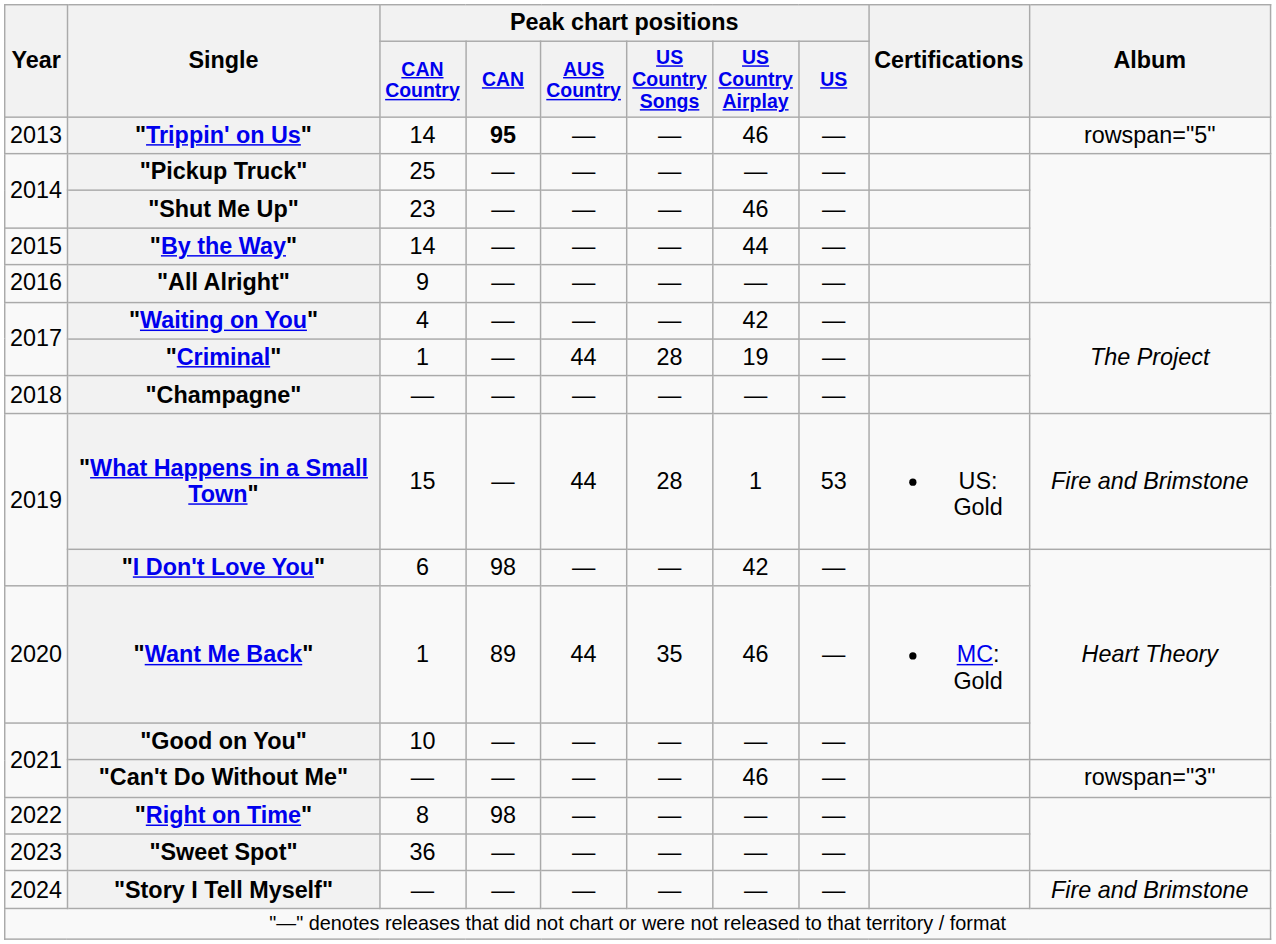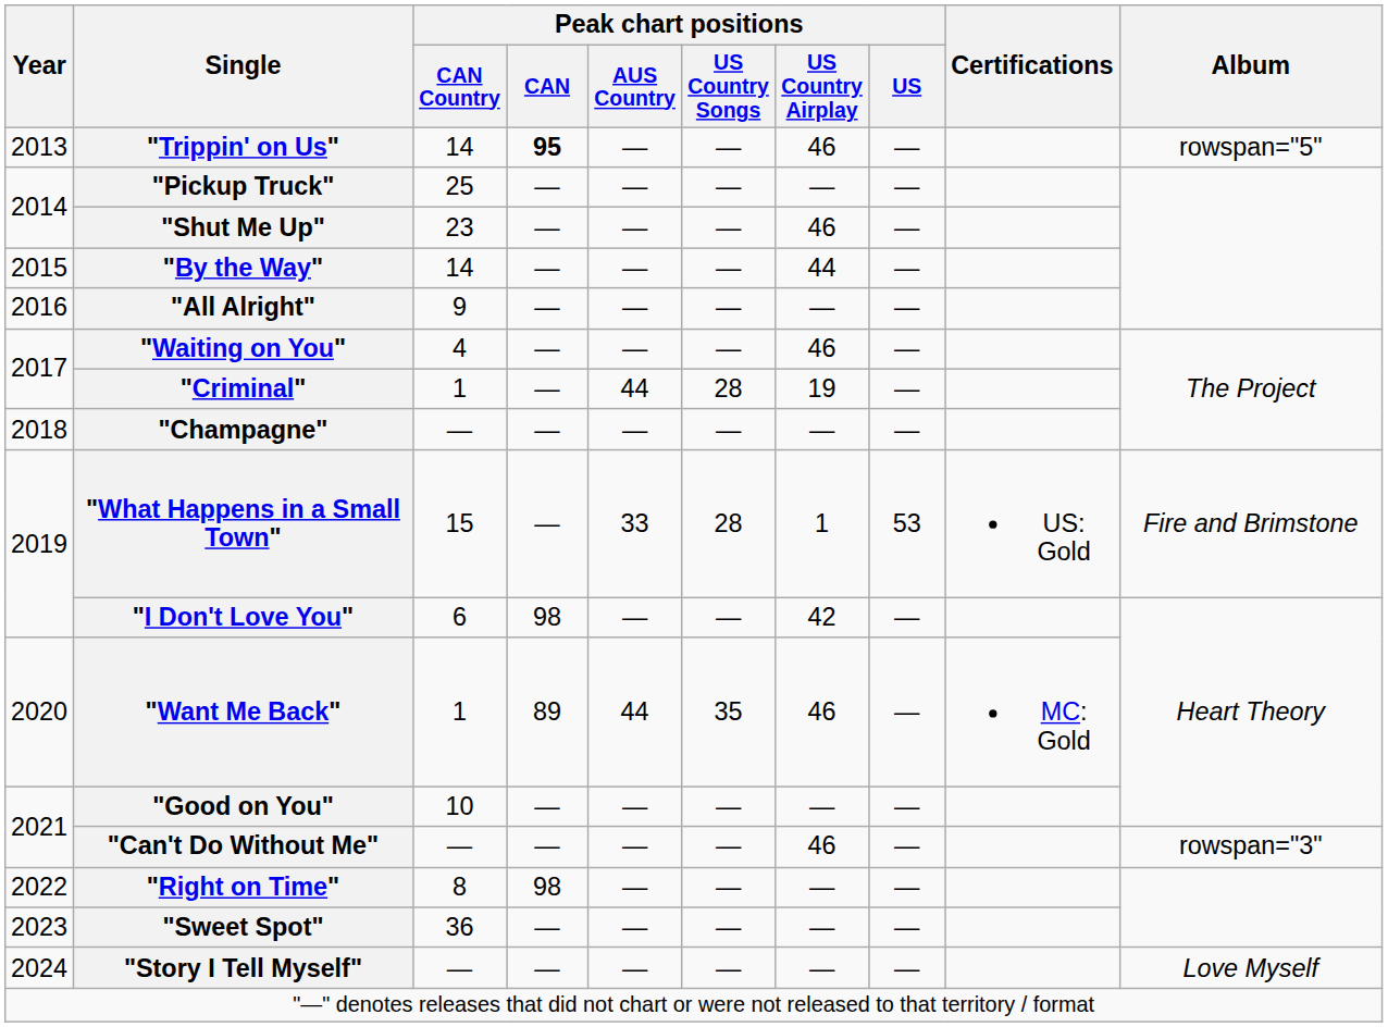 <table class="wikitable plainrowheaders" style="text-align:center;">
 <tr>
 <th rowspan="2">Year</th>
 <th rowspan="2" style="width:16em;">Single</th>
 <th colspan="6">Peak chart positions</th>
 <th rowspan="2">Certifications</th>
 <th rowspan="2" style="width:12em;">Album</th>
 </tr>
 <tr style="font-size:smaller;">
 <th style="width:4em;"><a href='#'>CAN Country</a><br></th>
 <th style="width:4em;"><a href='#'>CAN</a><br></th>
 <th style="width:4em;"><a href='#'>AUS Country</a><br></th>
 <th style="width:4em;"><a href='#'>US Country Songs</a><br></th>
 <th style="width:4em;"><a href='#'>US Country Airplay</a><br></th>
 <th style="width:4em;"><a href='#'>US</a><br></th>
 </tr>
 <tr>
 <td>2013</td>
 <th scope="row">"<a href='#'>Trippin' on Us</a>"</th>
 <td>14</td>
 <td><strong>95</strong></td>
 <td>—</td>
 <td>—</td>
 <td>46</td>
 <td>—</td>
 <td></td>
 <td>rowspan="5" </td>
 </tr>
 <tr>
 <td rowspan="2">2014</td>
 <th scope="row">"Pickup Truck"</th>
 <td>25</td>
 <td>—</td>
 <td>—</td>
 <td>—</td>
 <td>—</td>
 <td>—</td>
 <td></td>
 </tr>
 <tr>
 <th scope="row">"Shut Me Up"</th>
 <td>23</td>
 <td>—</td>
 <td>—</td>
 <td>—</td>
 <td>46</td>
 <td>—</td>
 <td></td>
 </tr>
 <tr>
 <td>2015</td>
 <th scope="row">"<a href='#'>By the Way</a>"</th>
 <td>14</td>
 <td>—</td>
 <td>—</td>
 <td>—</td>
 <td>44</td>
 <td>—</td>
 <td></td>
 </tr>
 <tr>
 <td>2016</td>
 <th scope="row">"All Alright"</th>
 <td>9</td>
 <td>—</td>
 <td>—</td>
 <td>—</td>
 <td>—</td>
 <td>—</td>
 <td></td>
 </tr>
 <tr>
 <td rowspan="2">2017</td>
 <th scope="row">"<a href='#'>Waiting on You</a>"</th>
 <td>4</td>
 <td>—</td>
 <td>—</td>
 <td>—</td>
-<td>42</td>
+<td>46</td>
 <td>—</td>
 <td></td>
 <td rowspan="3"><em>The Project</em></td>
 </tr>
 <tr>
 <th scope="row">"<a href='#'>Criminal</a>"</th>
 <td>1</td>
 <td>—</td>
 <td>44</td>
 <td>28</td>
 <td>19</td>
 <td>—</td>
 <td></td>
 </tr>
 <tr>
 <td>2018</td>
 <th scope="row">"Champagne"</th>
 <td>—</td>
 <td>—</td>
 <td>—</td>
 <td>—</td>
 <td>—</td>
 <td>—</td>
 <td></td>
 </tr>
 <tr>
 <td rowspan="2">2019</td>
 <th scope="row">"<a href='#'>What Happens in a Small Town</a>"<br></th>
 <td>15</td>
 <td>—</td>
-<td>44</td>
+<td>33</td>
 <td>28</td>
 <td>1</td>
 <td>53</td>
 <td><br><ul><li>US: Gold </li></ul></td>
 <td><em>Fire and Brimstone</em></td>
 </tr>
 <tr>
 <th scope="row">"<a href='#'>I Don't Love You</a>"</th>
 <td>6</td>
 <td>98</td>
 <td>—</td>
 <td>—</td>
 <td>42</td>
 <td>—</td>
 <td></td>
 <td rowspan="3"><em>Heart Theory</em></td>
 </tr>
 <tr>
 <td>2020</td>
 <th scope="row">"<a href='#'>Want Me Back</a>"</th>
 <td>1</td>
 <td>89</td>
 <td>44</td>
 <td>35</td>
 <td>46</td>
 <td>—</td>
 <td><br><ul><li><a href='#'>MC</a>: Gold</li></ul></td>
 </tr>
 <tr>
 <td rowspan="2">2021</td>
 <th scope="row">"Good on You"</th>
 <td>10</td>
 <td>—</td>
 <td>—</td>
 <td>—</td>
 <td>—</td>
 <td>—</td>
 <td></td>
 </tr>
 <tr>
 <th scope="row">"Can't Do Without Me" <br></th>
 <td>—</td>
 <td>—</td>
 <td>—</td>
 <td>—</td>
 <td>46</td>
 <td>—</td>
 <td></td>
 <td>rowspan="3" </td>
 </tr>
 <tr>
 <td>2022</td>
 <th scope="row">"<a href='#'>Right on Time</a>"</th>
 <td>8</td>
 <td>98</td>
 <td>—</td>
 <td>—</td>
 <td>—</td>
 <td>—</td>
 <td></td>
 </tr>
 <tr>
 <td>2023</td>
 <th scope="row">"Sweet Spot"</th>
 <td>36</td>
 <td>—</td>
 <td>—</td>
 <td>—</td>
 <td>—</td>
 <td>—</td>
 <td></td>
 </tr>
 <tr>
 <td>2024</td>
 <th scope="row">"Story I Tell Myself"</th>
 <td>—</td>
 <td>—</td>
 <td>—</td>
 <td>—</td>
 <td>—</td>
 <td>—</td>
 <td></td>
-<td><em>Fire and Brimstone</em></td>
+<td><em>Love Myself</em></td>
 </tr>
 <tr>
 <td colspan="10" style="font-size:85%">"—" denotes releases that did not chart or were not released to that territory / format</td>
 </tr>
 </table>
